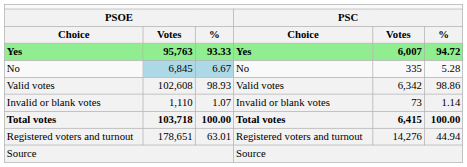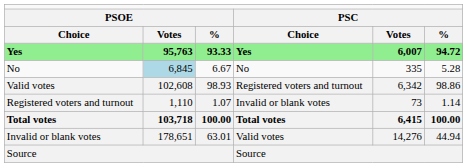 <table class="wikitable" style="text-align:right;">
 <tr>
 <td colspan="6" align="center"></td>
 </tr>
 <tr>
 <th colspan="3">PSOE</th>
 <th colspan="3">PSC</th>
 </tr>
 <tr>
 <th style="width:200px;">Choice</th>
 <th style="width:70px;">Votes</th>
 <th style="width:50px;">%</th>
 <th style="width:200px;">Choice</th>
 <th style="width:70px;">Votes</th>
 <th style="width:50px;">%</th>
 </tr>
 <tr style="background:lightgreen;">
 <td align="left"> <strong>Yes</strong></td>
 <td><strong>95,763</strong></td>
 <td><strong>93.33</strong></td>
 <td align="left"> <strong>Yes</strong></td>
 <td><strong>6,007</strong></td>
 <td><strong>94.72</strong></td>
 </tr>
 <tr>
 <td align="left">No</td>
 <td style="background: lightblue;">6,845</td>
-<td style="background: lightblue;">6.67</td>
+<td>6.67</td>
 <td align="left">No</td>
 <td>335</td>
 <td>5.28</td>
 </tr>
 <tr style="background-color:#F2F2F2">
 <td align="left">Valid votes</td>
 <td>102,608</td>
 <td>98.93</td>
-<td align="left">Valid votes</td>
+<td align="left">Registered voters and turnout</td>
 <td>6,342</td>
 <td>98.86</td>
 </tr>
 <tr style="background-color:#F2F2F2">
-<td align="left">Invalid or blank votes</td>
+<td align="left">Registered voters and turnout</td>
 <td>1,110</td>
 <td>1.07</td>
 <td align="left">Invalid or blank votes</td>
 <td>73</td>
 <td>1.14</td>
 </tr>
 <tr style="background-color:#F2F2F2">
 <td align="left"><strong>Total votes</strong></td>
 <td><strong>103,718</strong></td>
 <td><strong>100.00</strong></td>
 <td align="left"><strong>Total votes</strong></td>
 <td><strong>6,415</strong></td>
 <td><strong>100.00</strong></td>
 </tr>
 <tr style="background-color:#F2F2F2">
-<td align="left">Registered voters and turnout</td>
+<td align="left">Invalid or blank votes</td>
 <td>178,651</td>
 <td>63.01</td>
-<td align="left">Registered voters and turnout</td>
+<td align="left">Valid votes</td>
 <td>14,276</td>
 <td>44.94</td>
 </tr>
 <tr style="background-color:#F2F2F2">
 <td colspan="3" align="left">Source</td>
 <td colspan="3" align="left">Source</td>
 </tr>
 </table>
